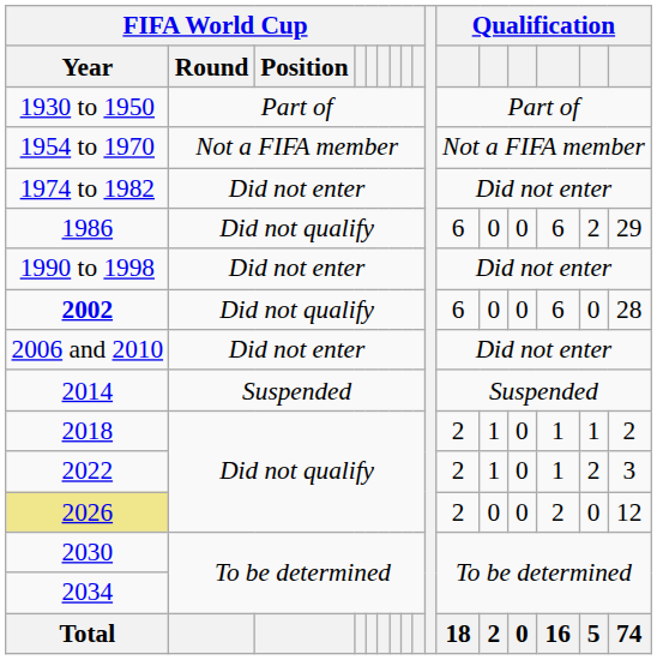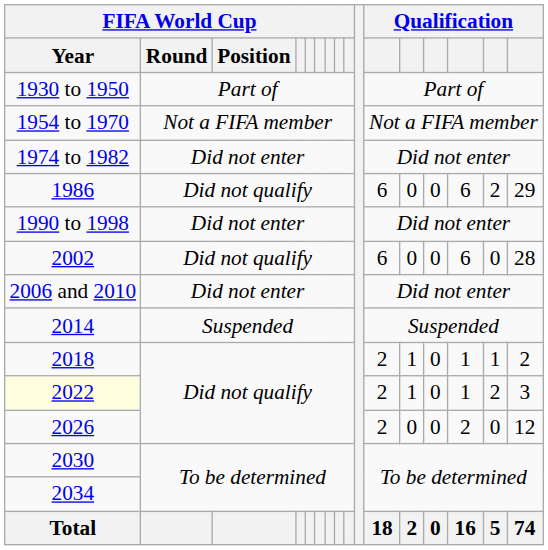 <table class="wikitable" style="text-align: center;">
 <tr>
 <th colspan=9><a href='#'>FIFA World Cup</a></th>
 <th rowspan=39></th>
 <th colspan=7><a href='#'>Qualification</a></th>
 </tr>
 <tr>
 <th>Year</th>
 <th>Round</th>
 <th>Position</th>
 <th></th>
 <th></th>
 <th></th>
 <th></th>
 <th></th>
 <th></th>
 <th></th>
 <th></th>
 <th></th>
 <th></th>
 <th></th>
 <th></th>
 </tr>
 <tr>
 <td> <a href='#'>1930</a> to  <a href='#'>1950</a></td>
 <td colspan=8><em>Part of </em></td>
 <td colspan=6><em>Part of </em></td>
 </tr>
 <tr>
 <td> <a href='#'>1954</a> to  <a href='#'>1970</a></td>
 <td colspan=8><em>Not a FIFA member</em></td>
 <td colspan=6><em>Not a FIFA member</em></td>
 </tr>
 <tr>
 <td> <a href='#'>1974</a> to  <a href='#'>1982</a></td>
 <td colspan=8><em>Did not enter</em></td>
 <td colspan=6><em>Did not enter</em></td>
 </tr>
 <tr>
 <td> <a href='#'>1986</a></td>
 <td colspan=8><em>Did not qualify</em></td>
 <td>6</td>
 <td>0</td>
 <td>0</td>
 <td>6</td>
 <td>2</td>
 <td>29</td>
 </tr>
 <tr>
 <td> <a href='#'>1990</a> to  <a href='#'>1998</a></td>
 <td colspan=8><em>Did not enter</em></td>
 <td colspan=6><em>Did not enter</em></td>
 </tr>
 <tr>
-<td><strong>  <a href='#'>2002</a></strong></td>
+<td>  <a href='#'>2002</a></td>
 <td colspan=8><em>Did not qualify</em></td>
 <td>6</td>
 <td>0</td>
 <td>0</td>
 <td>6</td>
 <td>0</td>
 <td>28</td>
 </tr>
 <tr>
 <td> <a href='#'>2006</a> and  <a href='#'>2010</a></td>
 <td colspan=8><em>Did not enter</em></td>
 <td colspan=6><em>Did not enter</em></td>
 </tr>
 <tr>
 <td> <a href='#'>2014</a></td>
 <td colspan=8><em>Suspended</em></td>
 <td colspan=6><em>Suspended</em></td>
 </tr>
 <tr>
 <td> <a href='#'>2018</a></td>
 <td colspan=8 rowspan=3><em>Did not qualify</em></td>
 <td>2</td>
 <td>1</td>
 <td>0</td>
 <td>1</td>
 <td>1</td>
 <td>2</td>
 </tr>
 <tr>
-<td> <a href='#'>2022</a></td>
+<td style="background: lightyellow;"> <a href='#'>2022</a></td>
 <td>2</td>
 <td>1</td>
 <td>0</td>
 <td>1</td>
 <td>2</td>
 <td>3</td>
 </tr>
 <tr>
-<td style="background: khaki;">   <a href='#'>2026</a></td>
+<td>   <a href='#'>2026</a></td>
 <td>2</td>
 <td>0</td>
 <td>0</td>
 <td>2</td>
 <td>0</td>
 <td>12</td>
 </tr>
 <tr>
 <td>   <a href='#'>2030</a></td>
 <td colspan=9 rowspan=2><em>To be determined</em></td>
 <td colspan=9 rowspan=2><em>To be determined</em></td>
 </tr>
 <tr>
 <td> <a href='#'>2034</a></td>
 </tr>
 <tr>
 <th>Total</th>
 <th></th>
 <th></th>
 <th></th>
 <th></th>
 <th></th>
 <th></th>
 <th></th>
 <th></th>
 <th>18</th>
 <th>2</th>
 <th>0</th>
 <th>16</th>
 <th>5</th>
 <th>74</th>
 </tr>
 </table>
